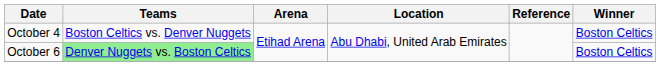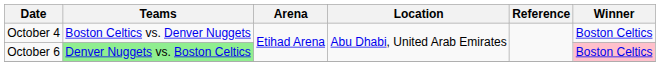 <table class="wikitable">
 <tr>
 <th>Date</th>
 <th>Teams</th>
 <th>Arena</th>
 <th>Location</th>
 <th>Reference</th>
 <th>Winner</th>
 </tr>
 <tr>
 <td>October 4</td>
 <td><a href='#'>Boston Celtics</a> vs. <a href='#'>Denver Nuggets</a></td>
 <td rowspan=2><a href='#'>Etihad Arena</a></td>
 <td rowspan=2><a href='#'>Abu Dhabi</a>, United Arab Emirates</td>
 <td rowspan=2></td>
 <td><a href='#'>Boston Celtics</a></td>
 </tr>
 <tr>
 <td>October 6</td>
 <td style="background: lightgreen;"><a href='#'>Denver Nuggets</a> vs. <a href='#'>Boston Celtics</a></td>
-<td><a href='#'>Boston Celtics</a></td>
+<td style="background: pink;"><a href='#'>Boston Celtics</a></td>
 </tr>
 <tr>
 </tr>
 </table>
